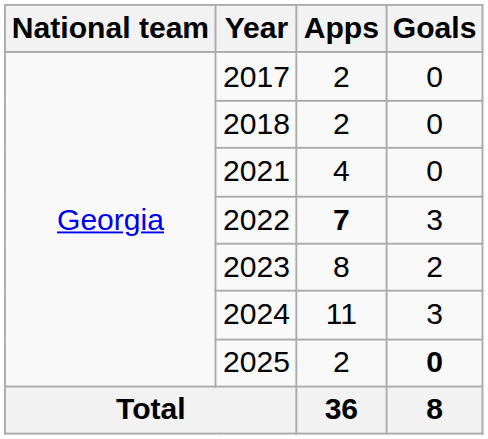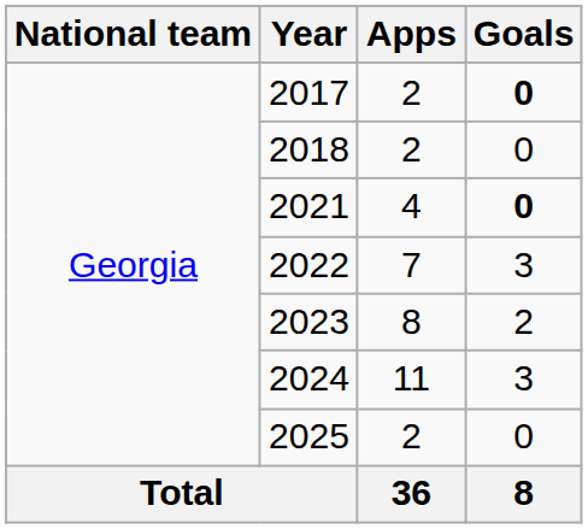 <table class=wikitable style=text-align:center>
 <tr>
 <th>National team</th>
 <th>Year</th>
 <th>Apps</th>
 <th>Goals</th>
 </tr>
 <tr>
 <td rowspan="7"><a href='#'>Georgia</a></td>
 <td>2017</td>
 <td>2</td>
-<td>0</td>
+<td><strong>0</strong></td>
 </tr>
 <tr>
 <td>2018</td>
 <td>2</td>
 <td>0</td>
 </tr>
 <tr>
 <td>2021</td>
 <td>4</td>
-<td>0</td>
+<td><strong>0</strong></td>
 </tr>
 <tr>
 <td>2022</td>
-<td><strong>7</strong></td>
+<td>7</td>
 <td>3</td>
 </tr>
 <tr>
 <td>2023</td>
 <td>8</td>
 <td>2</td>
 </tr>
 <tr>
 <td>2024</td>
 <td>11</td>
 <td>3</td>
 </tr>
 <tr>
 <td>2025</td>
 <td>2</td>
-<td><strong>0</strong></td>
+<td>0</td>
 </tr>
 <tr>
 <th colspan="2">Total</th>
 <th>36</th>
 <th>8</th>
 </tr>
 </table>
